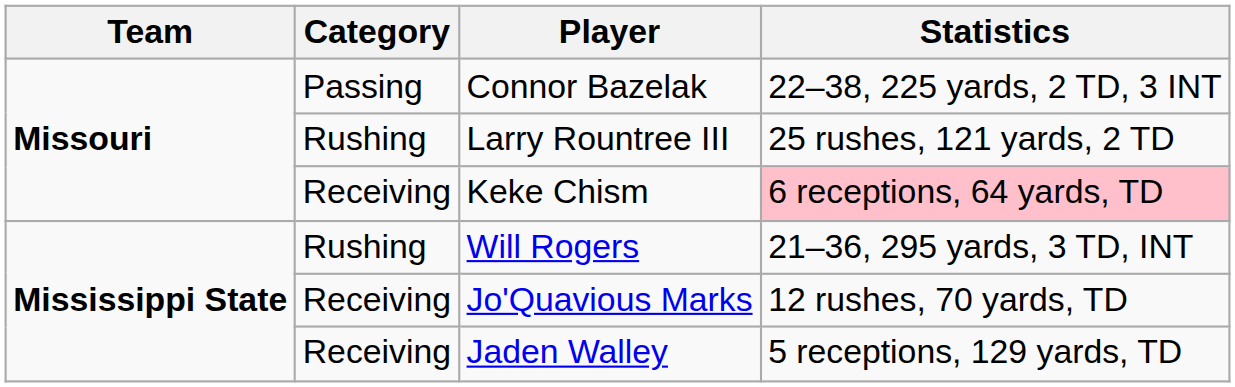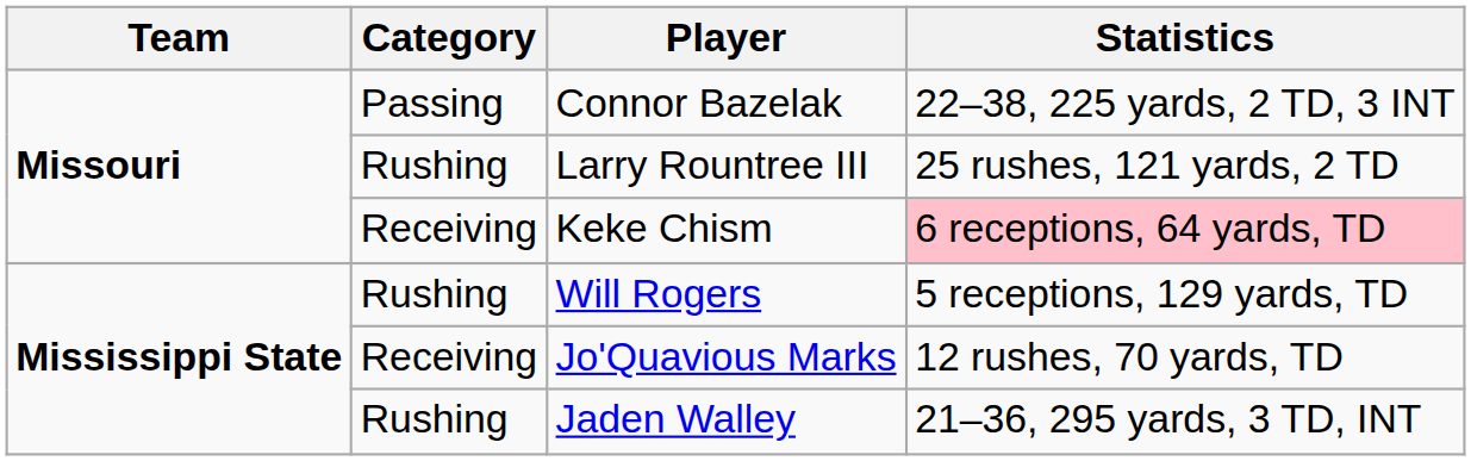 <table class="wikitable" style="float: right;">
 <tr>
 <th>Team</th>
 <th>Category</th>
 <th>Player</th>
 <th>Statistics</th>
 </tr>
 <tr>
 <td rowspan=3><strong>Missouri</strong></td>
 <td>Passing</td>
 <td>Connor Bazelak</td>
 <td>22–38, 225 yards, 2 TD, 3 INT</td>
 </tr>
 <tr>
 <td>Rushing</td>
 <td>Larry Rountree III</td>
 <td>25 rushes, 121 yards, 2 TD</td>
 </tr>
 <tr>
 <td>Receiving</td>
 <td>Keke Chism</td>
 <td style="background: pink;">6 receptions, 64 yards, TD</td>
 </tr>
 <tr>
 <td rowspan=3><strong>Mississippi State</strong></td>
 <td>Rushing</td>
 <td><a href='#'>Will Rogers</a></td>
-<td>21–36, 295 yards, 3 TD, INT</td>
+<td>5 receptions, 129 yards, TD</td>
 </tr>
 <tr>
 <td>Receiving</td>
 <td><a href='#'>Jo'Quavious Marks</a></td>
 <td>12 rushes, 70 yards, TD</td>
 </tr>
 <tr>
-<td>Receiving</td>
+<td>Rushing</td>
 <td><a href='#'>Jaden Walley</a></td>
-<td>5 receptions, 129 yards, TD</td>
+<td>21–36, 295 yards, 3 TD, INT</td>
 </tr>
 </table>
